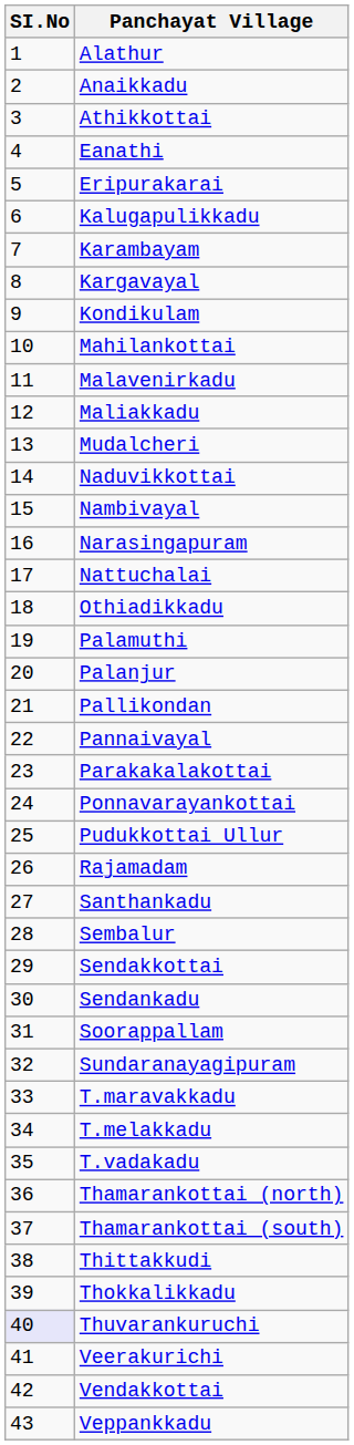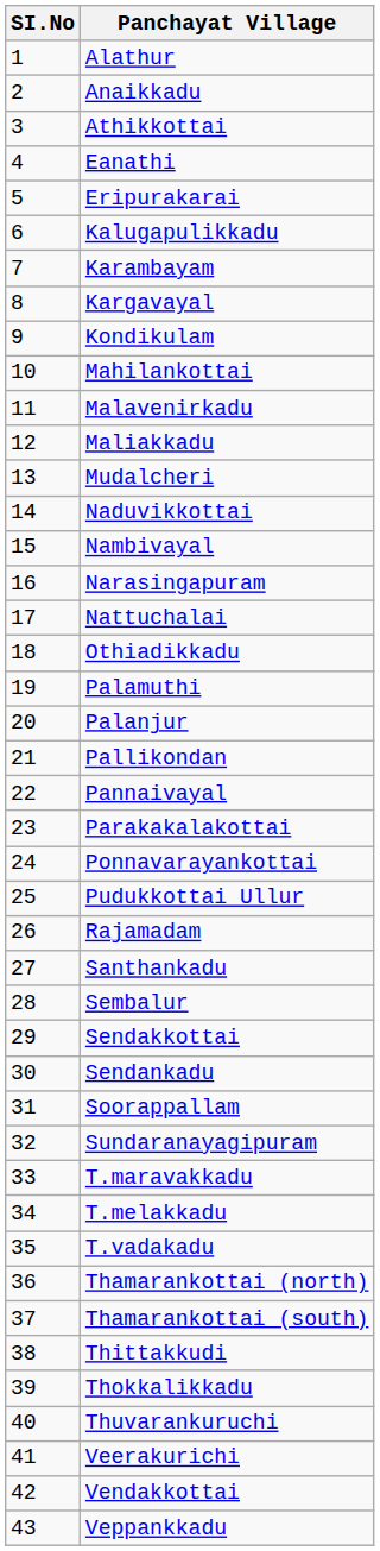 <table class="wikitable sortable">
 <tr>
 <th>SI.No</th>
 <th>Panchayat Village</th>
 </tr>
 <tr>
 <td>1</td>
 <td><a href='#'>Alathur</a></td>
 </tr>
 <tr>
 <td>2</td>
 <td><a href='#'>Anaikkadu</a></td>
 </tr>
 <tr>
 <td>3</td>
 <td><a href='#'>Athikkottai</a></td>
 </tr>
 <tr>
 <td>4</td>
 <td><a href='#'>Eanathi</a></td>
 </tr>
 <tr>
 <td>5</td>
 <td><a href='#'>Eripurakarai</a></td>
 </tr>
 <tr>
 <td>6</td>
 <td><a href='#'>Kalugapulikkadu</a></td>
 </tr>
 <tr>
 <td>7</td>
 <td><a href='#'>Karambayam</a></td>
 </tr>
 <tr>
 <td>8</td>
 <td><a href='#'>Kargavayal</a></td>
 </tr>
 <tr>
 <td>9</td>
 <td><a href='#'>Kondikulam</a></td>
 </tr>
 <tr>
 <td>10</td>
 <td><a href='#'>Mahilankottai</a></td>
 </tr>
 <tr>
 <td>11</td>
 <td><a href='#'>Malavenirkadu</a></td>
 </tr>
 <tr>
 <td>12</td>
 <td><a href='#'>Maliakkadu</a></td>
 </tr>
 <tr>
 <td>13</td>
 <td><a href='#'>Mudalcheri</a></td>
 </tr>
 <tr>
 <td>14</td>
 <td><a href='#'>Naduvikkottai</a></td>
 </tr>
 <tr>
 <td>15</td>
 <td><a href='#'>Nambivayal</a></td>
 </tr>
 <tr>
 <td>16</td>
 <td><a href='#'>Narasingapuram</a></td>
 </tr>
 <tr>
 <td>17</td>
 <td><a href='#'>Nattuchalai</a></td>
 </tr>
 <tr>
 <td>18</td>
 <td><a href='#'>Othiadikkadu</a></td>
 </tr>
 <tr>
 <td>19</td>
 <td><a href='#'>Palamuthi</a></td>
 </tr>
 <tr>
 <td>20</td>
 <td><a href='#'>Palanjur</a></td>
 </tr>
 <tr>
 <td>21</td>
 <td><a href='#'>Pallikondan</a></td>
 </tr>
 <tr>
 <td>22</td>
 <td><a href='#'>Pannaivayal</a></td>
 </tr>
 <tr>
 <td>23</td>
 <td><a href='#'>Parakakalakottai</a></td>
 </tr>
 <tr>
 <td>24</td>
 <td><a href='#'>Ponnavarayankottai</a></td>
 </tr>
 <tr>
 <td>25</td>
 <td><a href='#'>Pudukkottai Ullur</a></td>
 </tr>
 <tr>
 <td>26</td>
 <td><a href='#'>Rajamadam</a></td>
 </tr>
 <tr>
 <td>27</td>
 <td><a href='#'>Santhankadu</a></td>
 </tr>
 <tr>
 <td>28</td>
 <td><a href='#'>Sembalur</a></td>
 </tr>
 <tr>
 <td>29</td>
 <td><a href='#'>Sendakkottai</a></td>
 </tr>
 <tr>
 <td>30</td>
 <td><a href='#'>Sendankadu</a></td>
 </tr>
 <tr>
 <td>31</td>
 <td><a href='#'>Soorappallam</a></td>
 </tr>
 <tr>
 <td>32</td>
 <td><a href='#'>Sundaranayagipuram</a></td>
 </tr>
 <tr>
 <td>33</td>
 <td><a href='#'>T.maravakkadu</a></td>
 </tr>
 <tr>
 <td>34</td>
 <td><a href='#'>T.melakkadu</a></td>
 </tr>
 <tr>
 <td>35</td>
 <td><a href='#'>T.vadakadu</a></td>
 </tr>
 <tr>
 <td>36</td>
 <td><a href='#'>Thamarankottai (north)</a></td>
 </tr>
 <tr>
 <td>37</td>
 <td><a href='#'>Thamarankottai (south)</a></td>
 </tr>
 <tr>
 <td>38</td>
 <td><a href='#'>Thittakkudi</a></td>
 </tr>
 <tr>
 <td>39</td>
 <td><a href='#'>Thokkalikkadu</a></td>
 </tr>
 <tr>
-<td style="background: lavender;">40</td>
+<td>40</td>
 <td><a href='#'>Thuvarankuruchi</a></td>
 </tr>
 <tr>
 <td>41</td>
 <td><a href='#'>Veerakurichi</a></td>
 </tr>
 <tr>
 <td>42</td>
 <td><a href='#'>Vendakkottai</a></td>
 </tr>
 <tr>
 <td>43</td>
 <td><a href='#'>Veppankkadu</a></td>
 </tr>
 </table>
